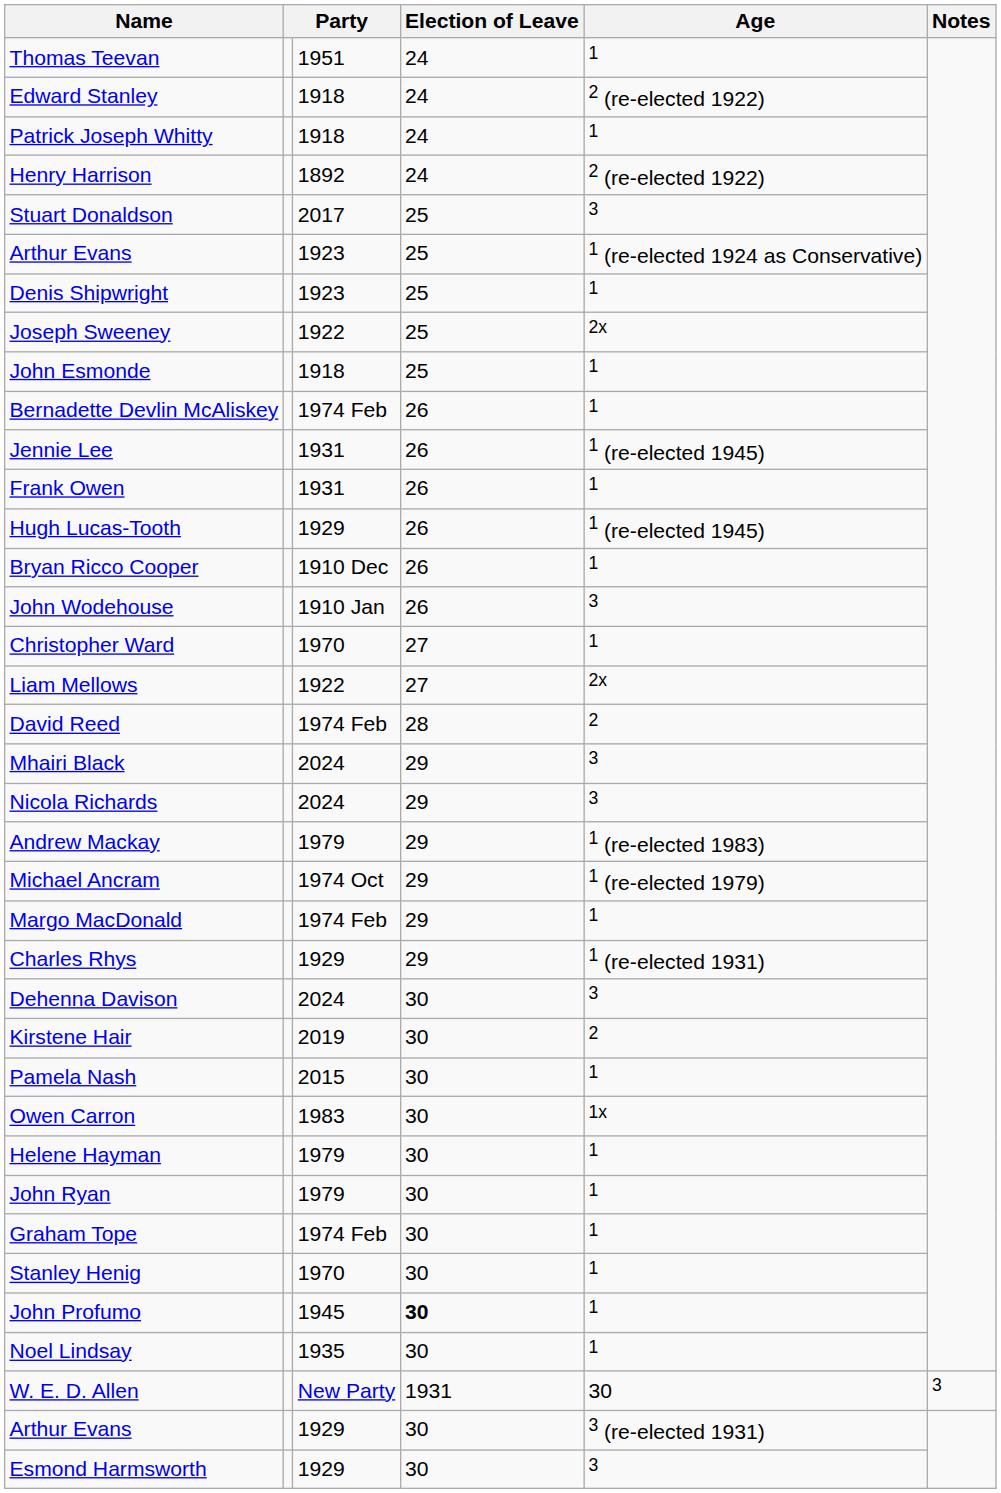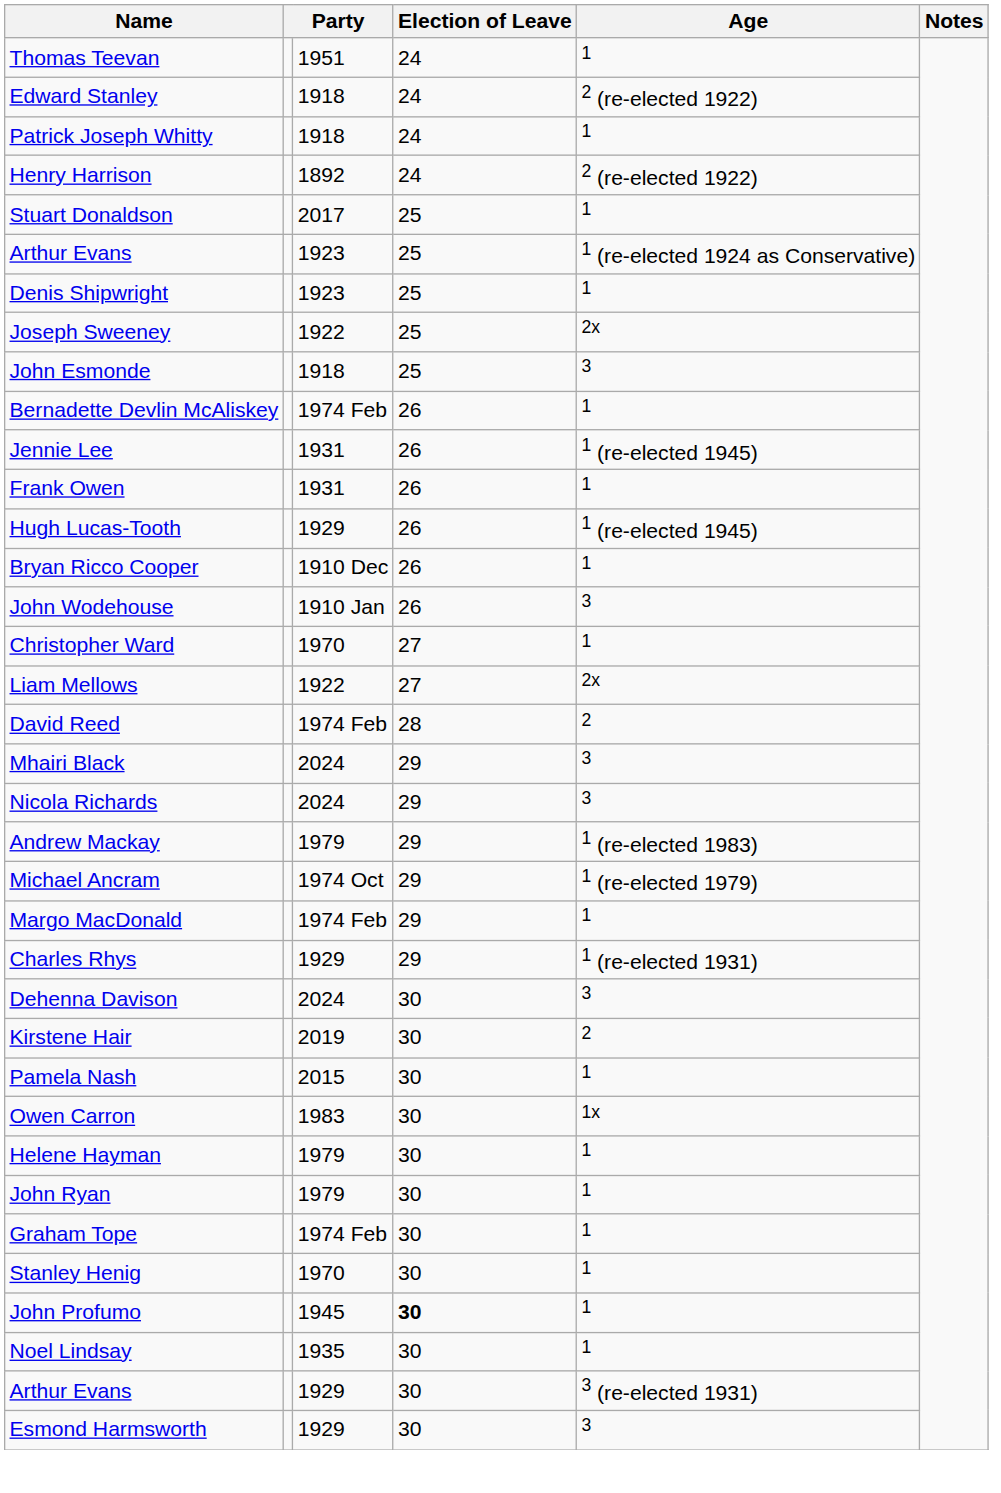 <table class="wikitable sortable">
 <tr>
 <th>Name</th>
 <th colspan="2">Party</th>
 <th>Election of Leave</th>
 <th>Age</th>
 <th>Notes</th>
 </tr>
 <tr>
 <td><a href='#'>Thomas Teevan</a></td>
 <td></td>
 <td>1951</td>
 <td>24</td>
 <td><sup>1</sup></td>
 </tr>
 <tr>
 <td><a href='#'>Edward Stanley</a></td>
 <td></td>
 <td>1918</td>
 <td>24</td>
 <td><sup>2</sup> (re-elected 1922)</td>
 </tr>
 <tr>
 <td><a href='#'>Patrick Joseph Whitty</a></td>
 <td></td>
 <td>1918</td>
 <td>24</td>
 <td><sup>1</sup></td>
 </tr>
 <tr>
 <td><a href='#'>Henry Harrison</a></td>
 <td></td>
 <td>1892</td>
 <td>24</td>
 <td><sup>2</sup> (re-elected 1922)</td>
 </tr>
 <tr>
 <td><a href='#'>Stuart Donaldson</a></td>
 <td></td>
 <td>2017</td>
 <td>25</td>
-<td><sup>3</sup></td>
+<td><sup>1</sup></td>
 </tr>
 <tr>
 <td><a href='#'>Arthur Evans</a></td>
 <td></td>
 <td>1923</td>
 <td>25</td>
 <td><sup>1</sup> (re-elected 1924 as Conservative)</td>
 </tr>
 <tr>
 <td><a href='#'>Denis Shipwright</a></td>
 <td></td>
 <td>1923</td>
 <td>25</td>
 <td><sup>1</sup></td>
 </tr>
 <tr>
 <td><a href='#'>Joseph Sweeney</a></td>
 <td></td>
 <td>1922</td>
 <td>25</td>
 <td><sup>2x</sup></td>
 </tr>
 <tr>
 <td><a href='#'>John Esmonde</a></td>
 <td></td>
 <td>1918</td>
 <td>25</td>
-<td><sup>1</sup></td>
+<td><sup>3</sup></td>
 </tr>
 <tr>
 <td><a href='#'>Bernadette Devlin McAliskey</a></td>
 <td></td>
 <td>1974 Feb</td>
 <td>26</td>
 <td><sup>1</sup></td>
 </tr>
 <tr>
 <td><a href='#'>Jennie Lee</a></td>
 <td></td>
 <td>1931</td>
 <td>26</td>
 <td><sup>1</sup> (re-elected 1945)</td>
 </tr>
 <tr>
 <td><a href='#'>Frank Owen</a></td>
 <td></td>
 <td>1931</td>
 <td>26</td>
 <td><sup>1</sup></td>
 </tr>
 <tr>
 <td><a href='#'>Hugh Lucas-Tooth</a></td>
 <td></td>
 <td>1929</td>
 <td>26</td>
 <td><sup>1</sup> (re-elected 1945)</td>
 </tr>
 <tr>
 <td><a href='#'>Bryan Ricco Cooper</a></td>
 <td></td>
 <td>1910 Dec</td>
 <td>26</td>
 <td><sup>1</sup></td>
 </tr>
 <tr>
 <td><a href='#'>John Wodehouse</a></td>
 <td></td>
 <td>1910 Jan</td>
 <td>26</td>
 <td><sup>3</sup></td>
 </tr>
 <tr>
 <td><a href='#'>Christopher Ward</a></td>
 <td></td>
 <td>1970</td>
 <td>27</td>
 <td><sup>1</sup></td>
 </tr>
 <tr>
 <td><a href='#'>Liam Mellows</a></td>
 <td></td>
 <td>1922</td>
 <td>27</td>
 <td><sup>2x</sup></td>
 </tr>
 <tr>
 <td><a href='#'>David Reed</a></td>
 <td></td>
 <td>1974 Feb</td>
 <td>28</td>
 <td><sup>2</sup></td>
 </tr>
 <tr>
 <td><a href='#'>Mhairi Black</a></td>
 <td></td>
 <td>2024</td>
 <td>29</td>
 <td><sup>3</sup></td>
 </tr>
 <tr>
 <td><a href='#'>Nicola Richards</a></td>
 <td></td>
 <td>2024</td>
 <td>29</td>
 <td><sup>3</sup></td>
 </tr>
 <tr>
 <td><a href='#'>Andrew Mackay</a></td>
 <td></td>
 <td>1979</td>
 <td>29</td>
 <td><sup>1</sup> (re-elected 1983)</td>
 </tr>
 <tr>
 <td><a href='#'>Michael Ancram</a></td>
 <td></td>
 <td>1974 Oct</td>
 <td>29</td>
 <td><sup>1</sup> (re-elected 1979)</td>
 </tr>
 <tr>
 <td><a href='#'>Margo MacDonald</a></td>
 <td></td>
 <td>1974 Feb</td>
 <td>29</td>
 <td><sup>1</sup></td>
 </tr>
 <tr>
 <td><a href='#'>Charles Rhys</a></td>
 <td></td>
 <td>1929</td>
 <td>29</td>
 <td><sup>1</sup> (re-elected 1931)</td>
 </tr>
 <tr>
 <td><a href='#'>Dehenna Davison</a></td>
 <td></td>
 <td>2024</td>
 <td>30</td>
 <td><sup>3</sup></td>
 </tr>
 <tr>
 <td><a href='#'>Kirstene Hair</a></td>
 <td></td>
 <td>2019</td>
 <td>30</td>
 <td><sup>2</sup></td>
 </tr>
 <tr>
 <td><a href='#'>Pamela Nash</a></td>
 <td></td>
 <td>2015</td>
 <td>30</td>
 <td><sup>1</sup></td>
 </tr>
 <tr>
 <td><a href='#'>Owen Carron</a></td>
 <td></td>
 <td>1983</td>
 <td>30</td>
 <td><sup>1x</sup></td>
 </tr>
 <tr>
 <td><a href='#'>Helene Hayman</a></td>
 <td></td>
 <td>1979</td>
 <td>30</td>
 <td><sup>1</sup></td>
 </tr>
 <tr>
 <td><a href='#'>John Ryan</a></td>
 <td></td>
 <td>1979</td>
 <td>30</td>
 <td><sup>1</sup></td>
 </tr>
 <tr>
 <td><a href='#'>Graham Tope</a></td>
 <td></td>
 <td>1974 Feb</td>
 <td>30</td>
 <td><sup>1</sup></td>
 </tr>
 <tr>
 <td><a href='#'>Stanley Henig</a></td>
 <td></td>
 <td>1970</td>
 <td>30</td>
 <td><sup>1</sup></td>
 </tr>
 <tr>
 <td><a href='#'>John Profumo</a></td>
 <td></td>
 <td>1945</td>
 <td><strong>30</strong></td>
 <td><sup>1</sup></td>
 </tr>
 <tr>
 <td><a href='#'>Noel Lindsay</a></td>
 <td></td>
 <td>1935</td>
 <td>30</td>
 <td><sup>1</sup></td>
 </tr>
 <tr>
-<td><a href='#'>W. E. D. Allen</a></td>
-<td style="background-color: "></td>
-<td><a href='#'>New Party</a></td>
-<td>1931</td>
-<td>30</td>
-<td><sup>3</sup></td>
-</tr>
-<tr>
 <td><a href='#'>Arthur Evans</a></td>
 <td></td>
 <td>1929</td>
 <td>30</td>
 <td><sup>3</sup> (re-elected 1931)</td>
 </tr>
 <tr>
 <td><a href='#'>Esmond Harmsworth</a></td>
 <td></td>
 <td>1929</td>
 <td>30</td>
 <td><sup>3</sup></td>
 </tr>
 </table>
